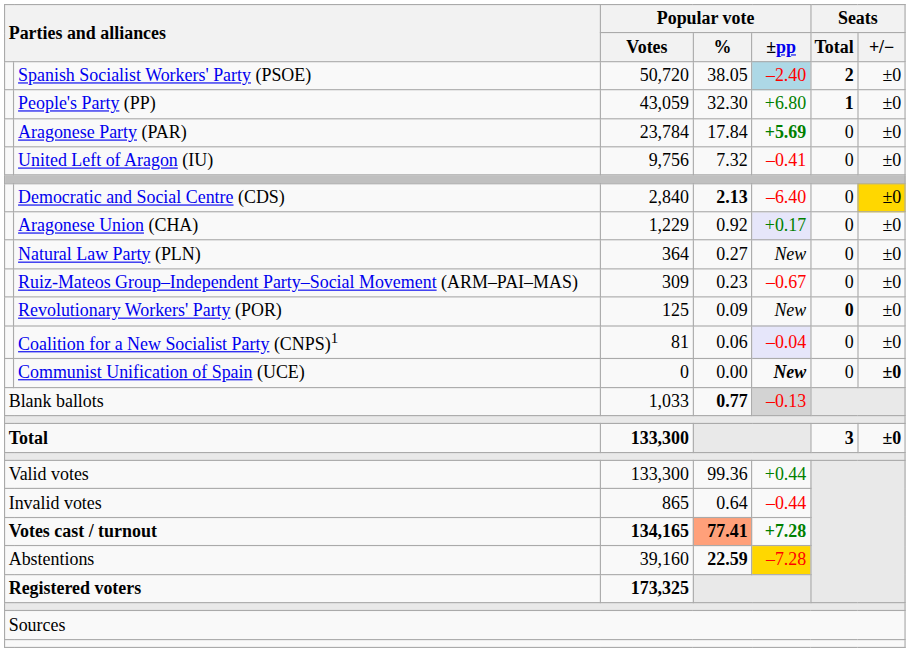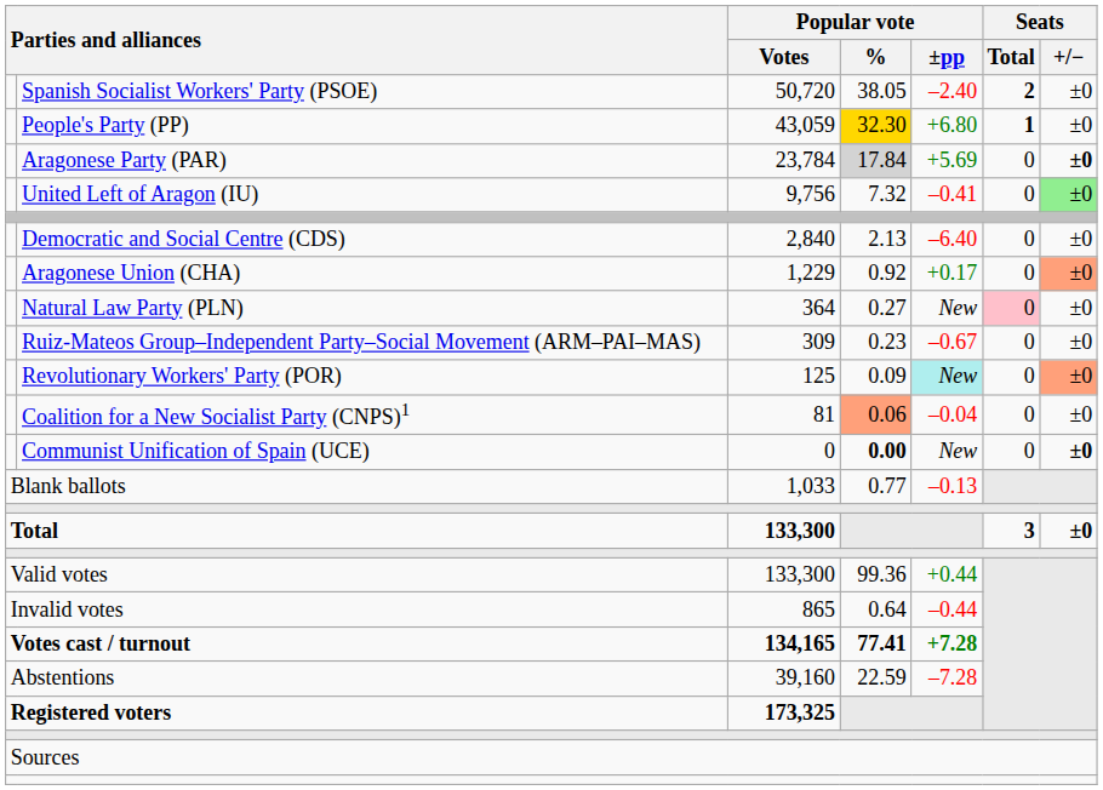 <table class="wikitable" style="text-align:right;">
 <tr>
 <th style="text-align:left;" rowspan="2" colspan="2" width="525">Parties and alliances</th>
 <th colspan="3">Popular vote</th>
 <th colspan="2">Seats</th>
 </tr>
 <tr>
 <th width="75">Votes</th>
 <th width="45">%</th>
 <th width="45">±<a href='#'>pp</a></th>
 <th width="35">Total</th>
 <th width="35">+/−</th>
 </tr>
 <tr>
 <td width="1" style="color:inherit;background:"></td>
 <td align="left"><a href='#'>Spanish Socialist Workers' Party</a> (PSOE)</td>
 <td>50,720</td>
 <td>38.05</td>
-<td style="background: lightblue; color:red;">–2.40</td>
+<td style="color:red;">–2.40</td>
 <td><strong>2</strong></td>
 <td>±0</td>
 </tr>
 <tr>
 <td style="color:inherit;background:"></td>
 <td align="left"><a href='#'>People's Party</a> (PP)</td>
 <td>43,059</td>
-<td>32.30</td>
+<td style="background: gold;">32.30</td>
 <td style="color:green;">+6.80</td>
 <td><strong>1</strong></td>
 <td>±0</td>
 </tr>
 <tr>
 <td style="color:inherit;background:"></td>
 <td align="left"><a href='#'>Aragonese Party</a> (PAR)</td>
 <td>23,784</td>
-<td>17.84</td>
-<td style="color:green;"><strong>+5.69</strong></td>
+<td style="background: lightgrey;">17.84</td>
+<td style="color:green;">+5.69</td>
 <td>0</td>
-<td>±0</td>
+<td><strong>±0</strong></td>
 </tr>
 <tr>
 <td style="color:inherit;background:"></td>
 <td align="left"><a href='#'>United Left of Aragon</a> (IU)</td>
 <td>9,756</td>
 <td>7.32</td>
 <td style="color:red;">–0.41</td>
 <td>0</td>
-<td>±0</td>
+<td style="background: lightgreen;">±0</td>
 </tr>
 <tr>
 <td colspan="7" bgcolor="#C0C0C0"></td>
 </tr>
 <tr>
 <td style="color:inherit;background:"></td>
 <td align="left"><a href='#'>Democratic and Social Centre</a> (CDS)</td>
 <td>2,840</td>
-<td><strong>2.13</strong></td>
+<td>2.13</td>
 <td style="color:red;">–6.40</td>
 <td>0</td>
-<td style="background: gold;">±0</td>
+<td>±0</td>
 </tr>
 <tr>
 <td style="color:inherit;background:"></td>
 <td align="left"><a href='#'>Aragonese Union</a> (CHA)</td>
 <td>1,229</td>
 <td>0.92</td>
-<td style="background: lavender; color:green;">+0.17</td>
+<td style="color:green;">+0.17</td>
 <td>0</td>
-<td>±0</td>
+<td style="background: lightsalmon;">±0</td>
 </tr>
 <tr>
 <td style="color:inherit;background:"></td>
 <td align="left"><a href='#'>Natural Law Party</a> (PLN)</td>
 <td>364</td>
 <td>0.27</td>
 <td><em>New</em></td>
-<td>0</td>
+<td style="background: pink;">0</td>
 <td>±0</td>
 </tr>
 <tr>
 <td style="color:inherit;background:"></td>
 <td align="left"><a href='#'>Ruiz-Mateos Group–Independent Party–Social Movement</a> (ARM–PAI–MAS)</td>
 <td>309</td>
 <td>0.23</td>
 <td style="color:red;">–0.67</td>
 <td>0</td>
 <td>±0</td>
 </tr>
 <tr>
 <td style="color:inherit;background:"></td>
 <td align="left"><a href='#'>Revolutionary Workers' Party</a> (POR)</td>
 <td>125</td>
 <td>0.09</td>
-<td><em>New</em></td>
-<td><strong>0</strong></td>
-<td>±0</td>
+<td style="background: paleturquoise;"><em>New</em></td>
+<td>0</td>
+<td style="background: lightsalmon;">±0</td>
 </tr>
 <tr>
 <td style="color:inherit;background:"></td>
 <td align="left"><a href='#'>Coalition for a New Socialist Party</a> (CNPS)<sup>1</sup></td>
 <td>81</td>
-<td>0.06</td>
-<td style="background: lavender; color:red;">–0.04</td>
+<td style="background: lightsalmon;">0.06</td>
+<td style="color:red;">–0.04</td>
 <td>0</td>
 <td>±0</td>
 </tr>
 <tr>
 <td style="color:inherit;background:"></td>
 <td align="left"><a href='#'>Communist Unification of Spain</a> (UCE)</td>
 <td>0</td>
-<td>0.00</td>
-<td><strong><em>New</em></strong></td>
+<td><strong>0.00</strong></td>
+<td><em>New</em></td>
 <td>0</td>
 <td><strong>±0</strong></td>
 </tr>
 <tr>
 <td align="left" colspan="2">Blank ballots</td>
 <td>1,033</td>
-<td><strong>0.77</strong></td>
-<td style="background: lightgrey; color:red;">–0.13</td>
+<td>0.77</td>
+<td style="color:red;">–0.13</td>
 <td bgcolor="#E9E9E9" colspan="2"></td>
 </tr>
 <tr>
 <td colspan="7" bgcolor="#E9E9E9"></td>
 </tr>
 <tr style="font-weight:bold;">
 <td align="left" colspan="2">Total</td>
 <td>133,300</td>
 <td bgcolor="#E9E9E9" colspan="2"></td>
 <td>3</td>
 <td>±0</td>
 </tr>
 <tr>
 <td colspan="7" bgcolor="#E9E9E9"></td>
 </tr>
 <tr>
 <td align="left" colspan="2">Valid votes</td>
 <td>133,300</td>
 <td>99.36</td>
 <td style="color:green;">+0.44</td>
 <td bgcolor="#E9E9E9" colspan="2" rowspan="5"></td>
 </tr>
 <tr>
 <td align="left" colspan="2">Invalid votes</td>
 <td>865</td>
 <td>0.64</td>
 <td style="color:red;">–0.44</td>
 </tr>
 <tr style="font-weight:bold;">
 <td align="left" colspan="2">Votes cast / turnout</td>
 <td>134,165</td>
-<td style="background: lightsalmon;">77.41</td>
+<td>77.41</td>
 <td style="color:green;">+7.28</td>
 </tr>
 <tr>
 <td align="left" colspan="2">Abstentions</td>
 <td>39,160</td>
-<td><strong>22.59</strong></td>
-<td style="background: gold; color:red;">–7.28</td>
+<td>22.59</td>
+<td style="color:red;">–7.28</td>
 </tr>
 <tr style="font-weight:bold;">
 <td align="left" colspan="2">Registered voters</td>
 <td>173,325</td>
 <td bgcolor="#E9E9E9" colspan="2"></td>
 </tr>
 <tr>
 <td colspan="7" bgcolor="#E9E9E9"></td>
 </tr>
 <tr>
 <td align="left" colspan="7">Sources</td>
 </tr>
 <tr>
 <td colspan="7" style="text-align:left; max-width:790px;"></td>
 </tr>
 </table>
